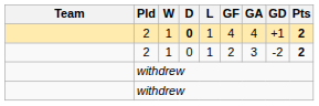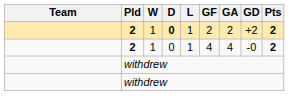 <table class="wikitable" style="text-align:center">
 <tr>
 <th width=165>Team</th>
 <th width=20>Pld</th>
 <th width=20>W</th>
 <th width=20>D</th>
 <th width=20>L</th>
 <th width=20>GF</th>
 <th width=20>GA</th>
 <th width=20>GD</th>
 <th width=20>Pts</th>
 </tr>
 <tr bgcolor="#ffebad">
 <td align="left"></td>
-<td>2</td>
+<td><strong>2</strong></td>
 <td>1</td>
 <td><strong>0</strong></td>
 <td>1</td>
-<td>4</td>
-<td>4</td>
-<td>+1</td>
+<td>2</td>
+<td>2</td>
+<td>+2</td>
 <td><strong>2</strong></td>
 </tr>
 <tr>
 <td align="left"></td>
-<td>2</td>
+<td><strong>2</strong></td>
 <td>1</td>
 <td>0</td>
 <td>1</td>
-<td>2</td>
-<td>3</td>
-<td>-2</td>
+<td>4</td>
+<td>4</td>
+<td>-0</td>
 <td><strong>2</strong></td>
 </tr>
 <tr>
 <td align="left"></td>
 <td align="left" colspan="8"><em>withdrew</em></td>
 </tr>
 <tr>
 <td align="left"></td>
 <td align="left" colspan="8"><em>withdrew</em></td>
 </tr>
 </table>
